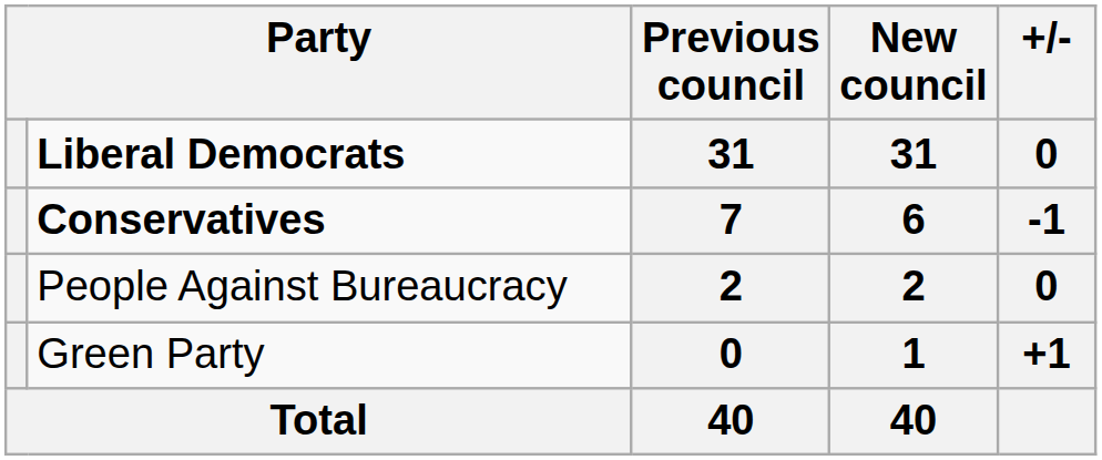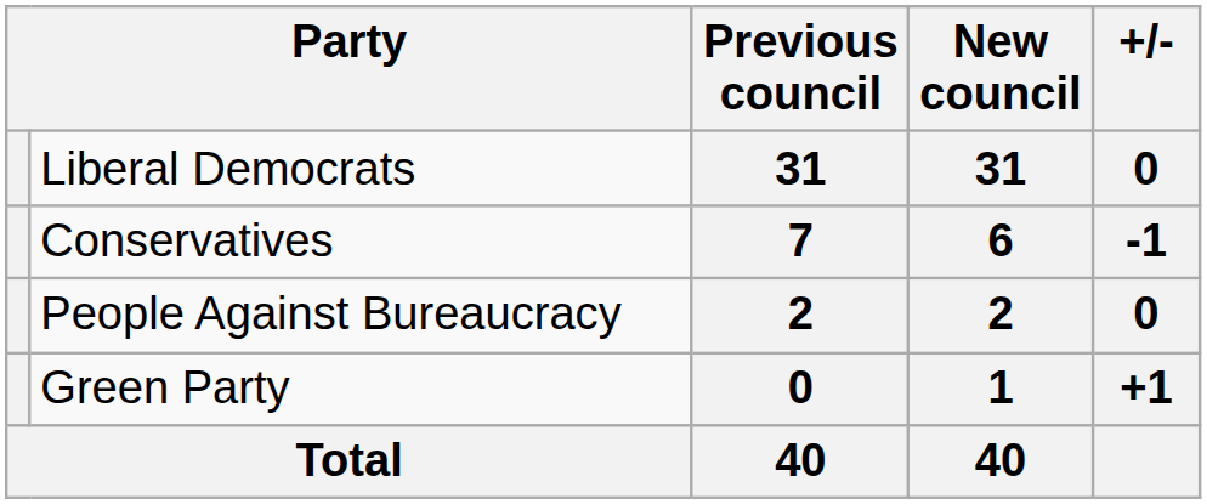 <table class="wikitable">
 <tr>
 <th valign=top colspan="2" style="width: 230px">Party</th>
 <th valign=top style="width: 30px">Previous council</th>
 <th valign=top style="width: 30px">New council</th>
 <th valign=top style="width: 30px">+/-</th>
 </tr>
 <tr>
 <th style="background-color: "></th>
-<td><strong>Liberal Democrats</strong></td>
+<td>Liberal Democrats</td>
 <th align=center>31</th>
 <th align=center>31</th>
 <th align=center>0</th>
 </tr>
 <tr>
 <th style="background-color: "></th>
-<td><strong>Conservatives</strong></td>
+<td>Conservatives</td>
 <th align=center>7</th>
 <th align=center>6</th>
 <th align=center>-1</th>
 </tr>
 <tr>
 <th style="background-color: "></th>
 <td>People Against Bureaucracy</td>
 <th align=center>2</th>
 <th align=center>2</th>
 <th align=center>0</th>
 </tr>
 <tr>
 <th style="background-color: "></th>
 <td>Green Party</td>
 <th align=center>0</th>
 <th align=center>1</th>
 <th align=center>+1</th>
 </tr>
 <tr>
 <th colspan=2>Total</th>
 <th style="text-align: center">40</th>
 <th style="text-align: center">40</th>
 <th></th>
 </tr>
 </table>
